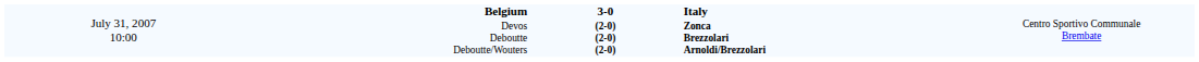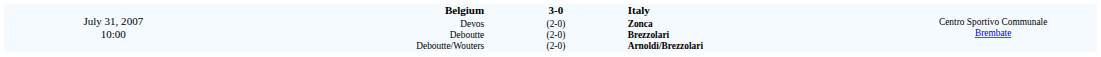 <table style="width: 100%; background:#F5FAFF;" cellspacing="0">
 <tr>
 <td align=center rowspan=3 width=20%>July 31, 2007<br>10:00</td>
 </tr>
 <tr>
 <td width=24% align=right><strong>Belgium</strong></td>
 <td align=center width=13%><strong>3-0</strong></td>
 <td width=24%><strong>Italy</strong></td>
 <td style=font-size:85% rowspan=3 valign=middle align=center>Centro Sportivo Communale<br><a href='#'>Brembate</a></td>
 </tr>
 <tr style=font-size:85%>
 <td align=right valign=top>Devos<br>Deboutte<br>Deboutte/Wouters</td>
-<td align=center><strong>(2-0)<br>(2-0)<br>(2-0)</strong></td>
+<td align=center>(2-0)<br>(2-0)<br>(2-0)</td>
 <td><strong>Zonca<br>Brezzolari<br>Arnoldi/Brezzolari</strong></td>
 </tr>
 </table>
